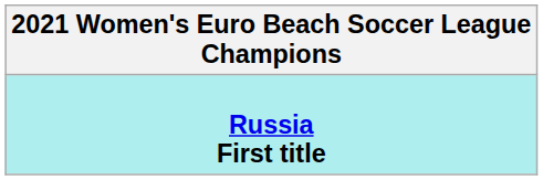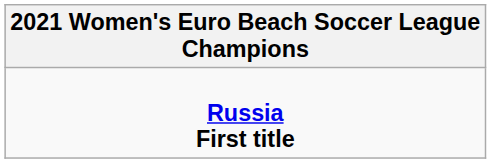 <table class="wikitable" style="margin: 0 auto;">
 <tr>
 <th>2021 Women's Euro Beach Soccer League<br>Champions</th>
 </tr>
 <tr>
-<td align=center style="background: paleturquoise;"><br><strong><a href='#'>Russia</a></strong><br><strong>First title</strong></td>
+<td align=center><br><strong><a href='#'>Russia</a></strong><br><strong>First title</strong></td>
 </tr>
 </table>
